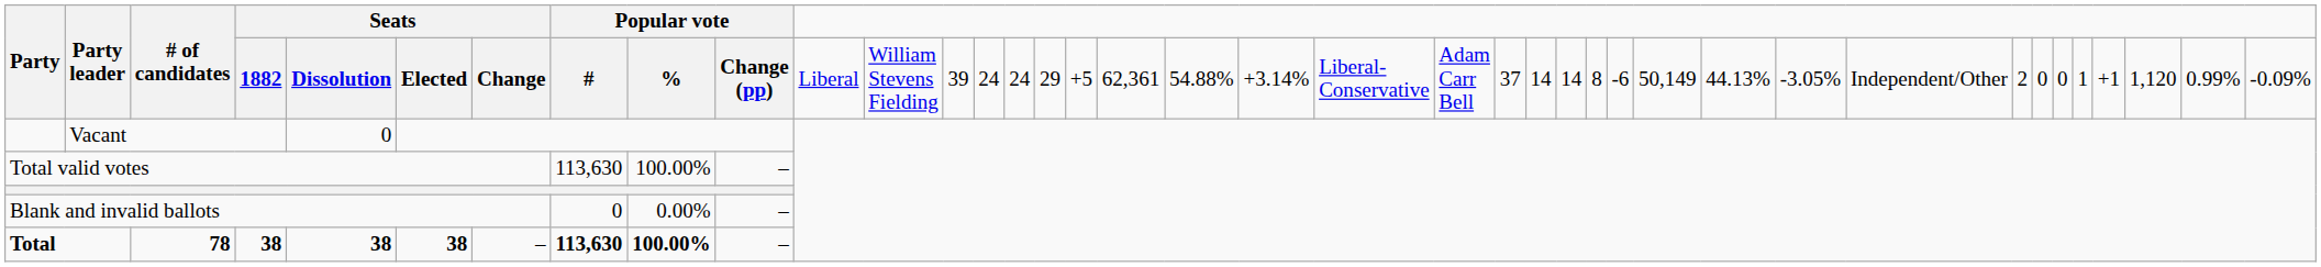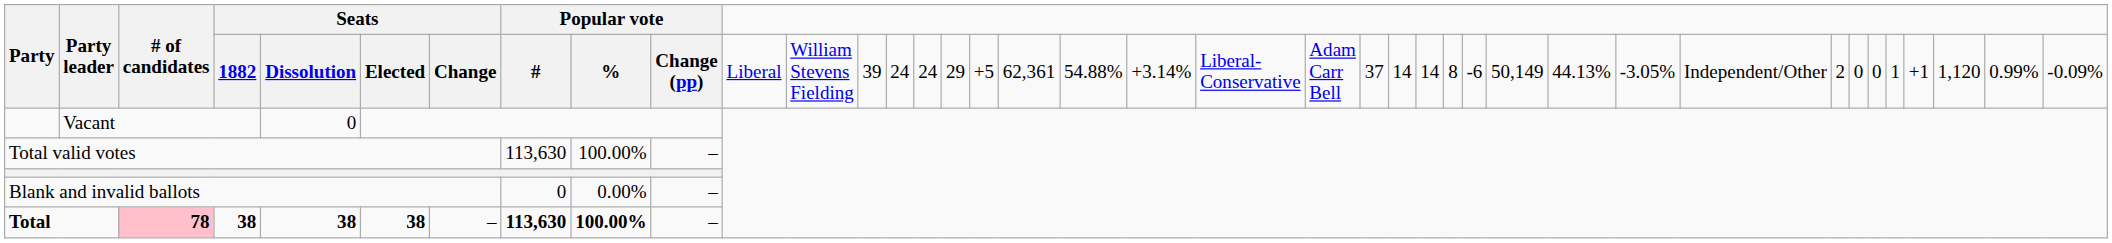 <table class="wikitable">
 <tr>
 <th rowspan="2" colspan="2">Party</th>
 <th rowspan="2">Party leader</th>
 <th rowspan="2"># of<br>candidates</th>
 <th colspan="4">Seats</th>
 <th colspan="3">Popular vote</th>
 </tr>
 <tr>
 <th><a href='#'>1882</a></th>
 <th><span><a href='#'>Dissolution</a></span></th>
 <th>Elected</th>
 <th>Change</th>
 <th>#</th>
 <th>%</th>
 <th>Change (<a href='#'>pp</a>)<br></th>
 <td><a href='#'>Liberal</a></td>
 <td><a href='#'>William Stevens Fielding</a></td>
 <td align="right">39</td>
 <td align="right">24</td>
 <td align="right">24</td>
 <td align="right">29</td>
 <td align="right">+5</td>
 <td align="right">62,361</td>
 <td align="right">54.88%</td>
 <td align="right">+3.14%<br></td>
 <td><a href='#'>Liberal-Conservative</a></td>
 <td><a href='#'>Adam Carr Bell</a></td>
 <td align="right">37</td>
 <td align="right">14</td>
 <td align="right">14</td>
 <td align="right">8</td>
 <td align="right">-6</td>
 <td align="right">50,149</td>
 <td align="right">44.13%</td>
 <td align="right">-3.05%<br></td>
 <td colspan=2>Independent/Other</td>
 <td align="right">2</td>
 <td align="right">0</td>
 <td align="right">0</td>
 <td align="right">1</td>
 <td align="right">+1</td>
 <td align="right">1,120</td>
 <td align="right">0.99%</td>
 <td align="right">-0.09%</td>
 </tr>
 <tr>
 <td> </td>
 <td colspan=4>Vacant</td>
 <td align="right">0</td>
 <td colspan=5> </td>
 </tr>
 <tr>
 <td colspan="8">Total valid votes</td>
 <td align="right">113,630</td>
 <td align="right">100.00%</td>
 <td align="right">–</td>
 </tr>
 <tr>
 <th colspan="11"></th>
 </tr>
 <tr>
 <td colspan="8">Blank and invalid ballots</td>
 <td align="right">0</td>
 <td align="right">0.00%</td>
 <td align="right">–</td>
 </tr>
 <tr>
 <td colspan=3><strong>Total</strong></td>
-<td align="right"><strong>78</strong></td>
+<td align="right" style="background: pink;"><strong>78</strong></td>
 <td align="right"><strong>38</strong></td>
 <td align="right"><strong>38</strong></td>
 <td align="right"><strong>38</strong></td>
 <td align="right">–</td>
 <td align="right"><strong>113,630</strong></td>
 <td align="right"><strong>100.00%</strong></td>
 <td align="right">–</td>
 </tr>
 </table>
